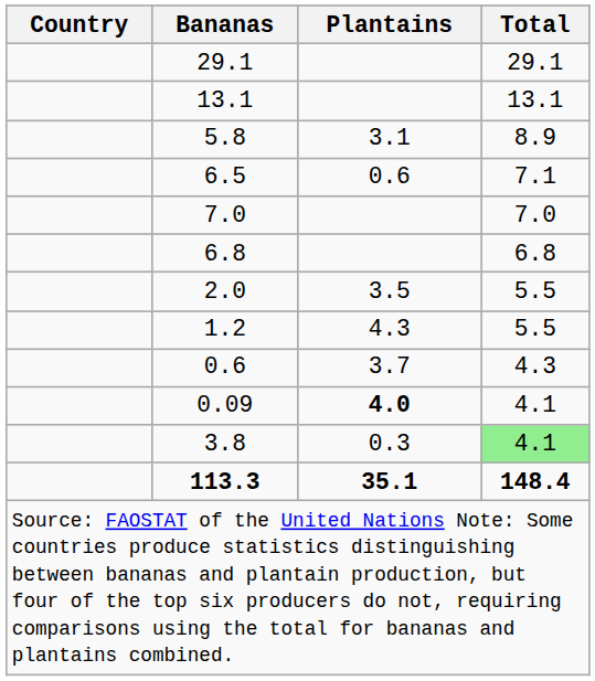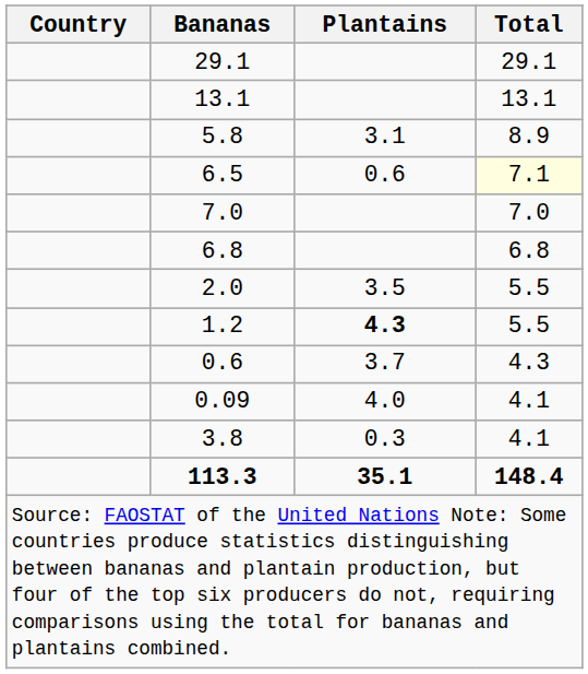 <table class="wikitable"   style="float:right; clear:left; width:25em;">
 <tr>
 <th>Country</th>
 <th>Bananas</th>
 <th>Plantains</th>
 <th>Total</th>
 </tr>
 <tr>
 <td></td>
 <td style="text-align:center;">29.1</td>
 <td> </td>
 <td style="text-align:center;">29.1</td>
 </tr>
 <tr>
 <td></td>
 <td style="text-align:center;">13.1</td>
 <td> </td>
 <td style="text-align:center;">13.1</td>
 </tr>
 <tr>
 <td></td>
 <td style="text-align:center;">5.8</td>
 <td style="text-align:center;">3.1</td>
 <td style="text-align:center;">8.9</td>
 </tr>
 <tr>
 <td></td>
 <td style="text-align:center;">6.5</td>
 <td style="text-align:center;">0.6</td>
-<td style="text-align:center;">7.1</td>
+<td style="background: lightyellow; text-align:center;">7.1</td>
 </tr>
 <tr>
 <td></td>
 <td style="text-align:center;">7.0</td>
 <td> </td>
 <td style="text-align:center;">7.0</td>
 </tr>
 <tr>
 <td></td>
 <td style="text-align:center;">6.8</td>
 <td> </td>
 <td style="text-align:center;">6.8</td>
 </tr>
 <tr>
 <td></td>
 <td style="text-align:center;">2.0</td>
 <td style="text-align:center;">3.5</td>
 <td style="text-align:center;">5.5</td>
 </tr>
 <tr>
 <td></td>
 <td style="text-align:center;">1.2</td>
-<td style="text-align:center;">4.3</td>
+<td style="text-align:center;"><strong>4.3</strong></td>
 <td style="text-align:center;">5.5</td>
 </tr>
 <tr>
 <td></td>
 <td style="text-align:center;">0.6</td>
 <td style="text-align:center;">3.7</td>
 <td style="text-align:center;">4.3</td>
 </tr>
 <tr>
 <td></td>
 <td style="text-align:center;">0.09</td>
-<td style="text-align:center;"><strong>4.0</strong></td>
+<td style="text-align:center;">4.0</td>
 <td style="text-align:center;">4.1</td>
 </tr>
 <tr>
 <td></td>
 <td style="text-align:center;">3.8</td>
 <td style="text-align:center;">0.3</td>
-<td style="background: lightgreen; text-align:center;">4.1</td>
+<td style="text-align:center;">4.1</td>
 </tr>
 <tr>
 <td></td>
 <td style="text-align:center;"><strong>113.3</strong></td>
 <td style="text-align:center;"><strong>35.1</strong></td>
 <td style="text-align:center;"><strong>148.4</strong></td>
 </tr>
 <tr>
 <td colspan=4><small>Source: <a href='#'>FAOSTAT</a> of the <a href='#'>United Nations</a> Note: Some countries produce statistics distinguishing between bananas and plantain production, but four of the top six producers do not, requiring comparisons using the total for bananas and plantains combined.</small></td>
 </tr>
 </table>
